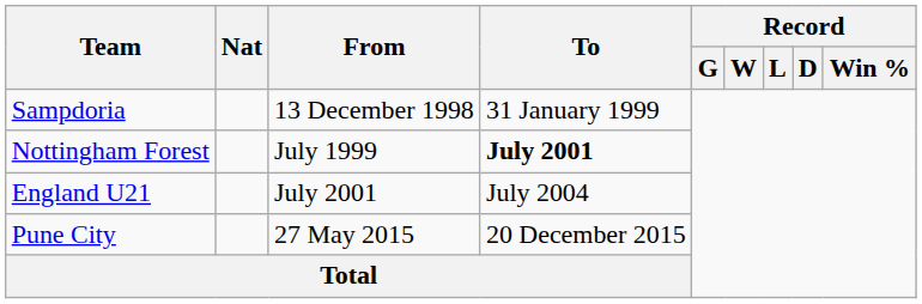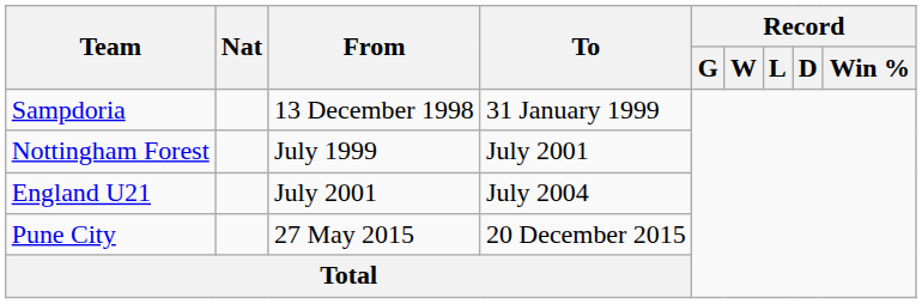 <table class="wikitable" style="text-align: center">
 <tr>
 <th rowspan="2">Team</th>
 <th rowspan="2">Nat</th>
 <th rowspan="2">From</th>
 <th rowspan="2">To</th>
 <th colspan="5">Record</th>
 </tr>
 <tr>
 <th>G</th>
 <th>W</th>
 <th>L</th>
 <th>D</th>
 <th>Win %</th>
 </tr>
 <tr>
 <td align=left><a href='#'>Sampdoria</a></td>
 <td></td>
 <td align=left>13 December 1998</td>
 <td align=left>31 January 1999<br></td>
 </tr>
 <tr>
 <td align=left><a href='#'>Nottingham Forest</a></td>
 <td></td>
 <td align=left>July 1999</td>
-<td align=left><strong>July 2001<br></strong></td>
+<td align=left>July 2001<br></td>
 </tr>
 <tr>
 <td align=left><a href='#'>England U21</a></td>
 <td></td>
 <td align=left>July 2001</td>
 <td align=left>July 2004<br></td>
 </tr>
 <tr>
 <td align=left><a href='#'>Pune City</a></td>
 <td></td>
 <td align=left>27 May 2015</td>
 <td align=left>20 December 2015<br></td>
 </tr>
 <tr>
 <th colspan="4">Total<br></th>
 </tr>
 </table>
